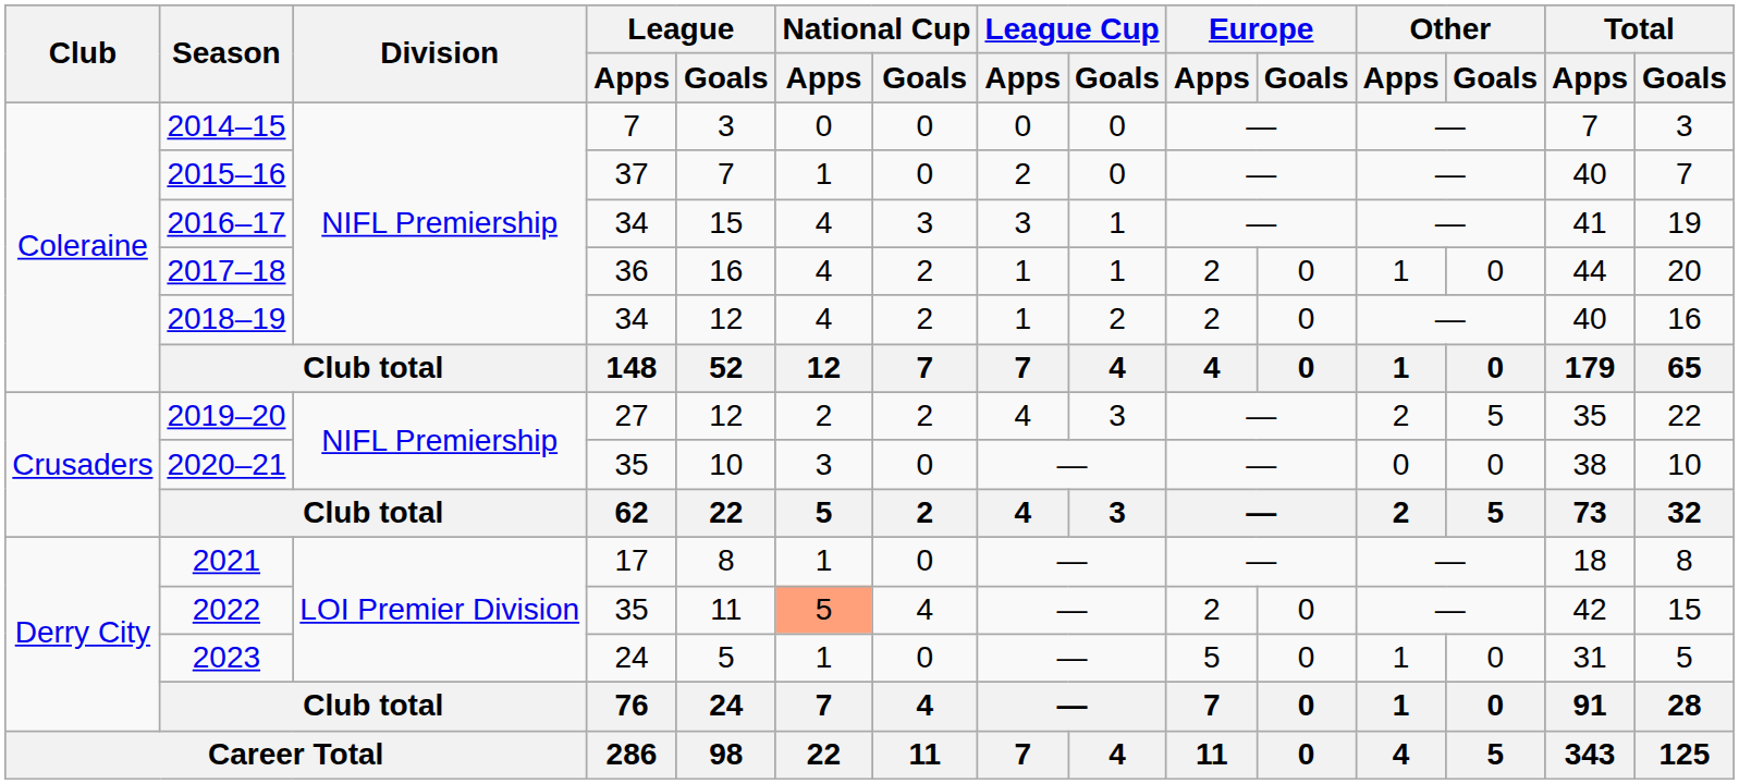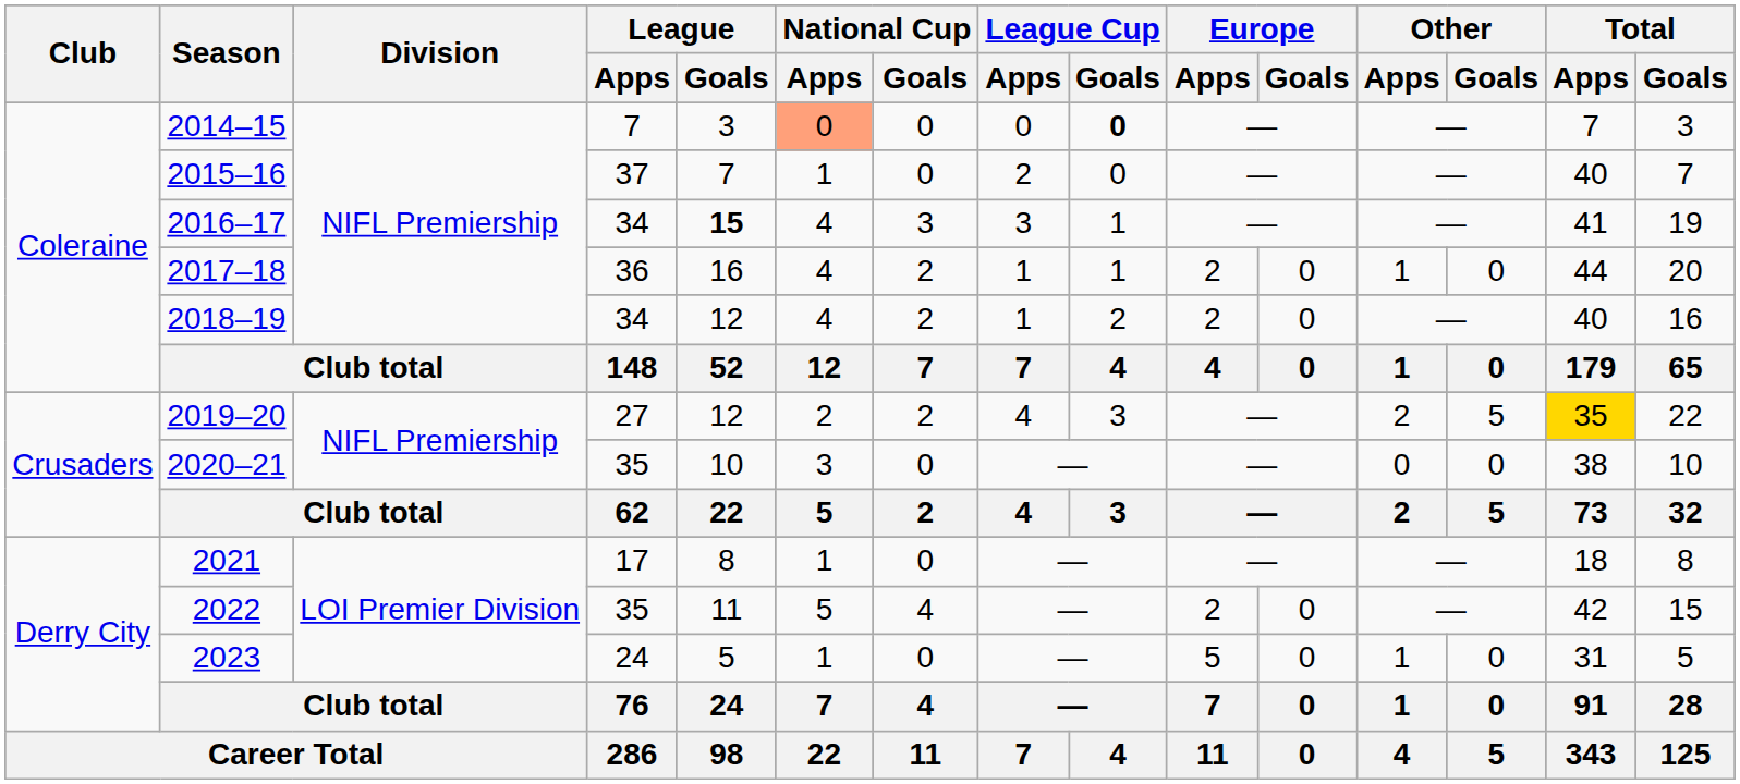 <table class="wikitable" style="text-align:center">
 <tr>
 <th rowspan="2">Club</th>
 <th rowspan="2">Season</th>
 <th rowspan="2">Division</th>
 <th colspan="2">League</th>
 <th colspan="2">National Cup</th>
 <th colspan="2"><a href='#'>League Cup</a></th>
 <th colspan="2"><a href='#'>Europe</a></th>
 <th colspan="2">Other</th>
 <th colspan="2">Total</th>
 </tr>
 <tr>
 <th>Apps</th>
 <th>Goals</th>
 <th>Apps</th>
 <th>Goals</th>
 <th>Apps</th>
 <th>Goals</th>
 <th>Apps</th>
 <th>Goals</th>
 <th>Apps</th>
 <th>Goals</th>
 <th>Apps</th>
 <th>Goals</th>
 </tr>
 <tr>
 <td rowspan=6><a href='#'>Coleraine</a></td>
 <td><a href='#'>2014–15</a></td>
 <td rowspan=5><a href='#'>NIFL Premiership</a></td>
 <td>7</td>
 <td>3</td>
+<td style="background: lightsalmon;">0</td>
 <td>0</td>
 <td>0</td>
-<td>0</td>
-<td>0</td>
+<td><strong>0</strong></td>
 <td colspan="2">—</td>
 <td colspan="2">—</td>
 <td>7</td>
 <td>3</td>
 </tr>
 <tr>
 <td><a href='#'>2015–16</a></td>
 <td>37</td>
 <td>7</td>
 <td>1</td>
 <td>0</td>
 <td>2</td>
 <td>0</td>
 <td colspan="2">—</td>
 <td colspan="2">—</td>
 <td>40</td>
 <td>7</td>
 </tr>
 <tr>
 <td><a href='#'>2016–17</a></td>
 <td>34</td>
-<td>15</td>
+<td><strong>15</strong></td>
 <td>4</td>
 <td>3</td>
 <td>3</td>
 <td>1</td>
 <td colspan="2">—</td>
 <td colspan="2">—</td>
 <td>41</td>
 <td>19</td>
 </tr>
 <tr>
 <td><a href='#'>2017–18</a></td>
 <td>36</td>
 <td>16</td>
 <td>4</td>
 <td>2</td>
 <td>1</td>
 <td>1</td>
 <td>2</td>
 <td>0</td>
 <td>1</td>
 <td>0</td>
 <td>44</td>
 <td>20</td>
 </tr>
 <tr>
 <td><a href='#'>2018–19</a></td>
 <td>34</td>
 <td>12</td>
 <td>4</td>
 <td>2</td>
 <td>1</td>
 <td>2</td>
 <td>2</td>
 <td>0</td>
 <td colspan="2">—</td>
 <td>40</td>
 <td>16</td>
 </tr>
 <tr>
 <th colspan="2">Club total</th>
 <th>148</th>
 <th>52</th>
 <th>12</th>
 <th>7</th>
 <th>7</th>
 <th>4</th>
 <th>4</th>
 <th>0</th>
 <th>1</th>
 <th>0</th>
 <th>179</th>
 <th>65</th>
 </tr>
 <tr>
 <td rowspan=3><a href='#'>Crusaders</a></td>
 <td><a href='#'>2019–20</a></td>
 <td rowspan=2><a href='#'>NIFL Premiership</a></td>
 <td>27</td>
 <td>12</td>
 <td>2</td>
 <td>2</td>
 <td>4</td>
 <td>3</td>
 <td colspan="2">—</td>
 <td>2</td>
 <td>5</td>
-<td>35</td>
+<td style="background: gold;">35</td>
 <td>22</td>
 </tr>
 <tr>
 <td><a href='#'>2020–21</a></td>
 <td>35</td>
 <td>10</td>
 <td>3</td>
 <td>0</td>
 <td colspan="2">—</td>
 <td colspan="2">—</td>
 <td>0</td>
 <td>0</td>
 <td>38</td>
 <td>10</td>
 </tr>
 <tr>
 <th colspan="2">Club total</th>
 <th>62</th>
 <th>22</th>
 <th>5</th>
 <th>2</th>
 <th>4</th>
 <th>3</th>
 <th colspan="2">—</th>
 <th>2</th>
 <th>5</th>
 <th>73</th>
 <th>32</th>
 </tr>
 <tr>
 <td rowspan=4><a href='#'>Derry City</a></td>
 <td><a href='#'>2021</a></td>
 <td rowspan=3><a href='#'>LOI Premier Division</a></td>
 <td>17</td>
 <td>8</td>
 <td>1</td>
 <td>0</td>
 <td colspan="2">—</td>
 <td colspan="2">—</td>
 <td colspan="2">—</td>
 <td>18</td>
 <td>8</td>
 </tr>
 <tr>
 <td><a href='#'>2022</a></td>
 <td>35</td>
 <td>11</td>
-<td style="background: lightsalmon;">5</td>
+<td>5</td>
 <td>4</td>
 <td colspan="2">—</td>
 <td>2</td>
 <td>0</td>
 <td colspan="2">—</td>
 <td>42</td>
 <td>15</td>
 </tr>
 <tr>
 <td><a href='#'>2023</a></td>
 <td>24</td>
 <td>5</td>
 <td>1</td>
 <td>0</td>
 <td colspan="2">—</td>
 <td>5</td>
 <td>0</td>
 <td>1</td>
 <td>0</td>
 <td>31</td>
 <td>5</td>
 </tr>
 <tr>
 <th colspan="2">Club total</th>
 <th>76</th>
 <th>24</th>
 <th>7</th>
 <th>4</th>
 <th colspan="2">—</th>
 <th>7</th>
 <th>0</th>
 <th>1</th>
 <th>0</th>
 <th>91</th>
 <th>28</th>
 </tr>
 <tr>
 <th colspan="3">Career Total</th>
 <th>286</th>
 <th>98</th>
 <th>22</th>
 <th>11</th>
 <th>7</th>
 <th>4</th>
 <th>11</th>
 <th>0</th>
 <th>4</th>
 <th>5</th>
 <th>343</th>
 <th>125</th>
 </tr>
 </table>
